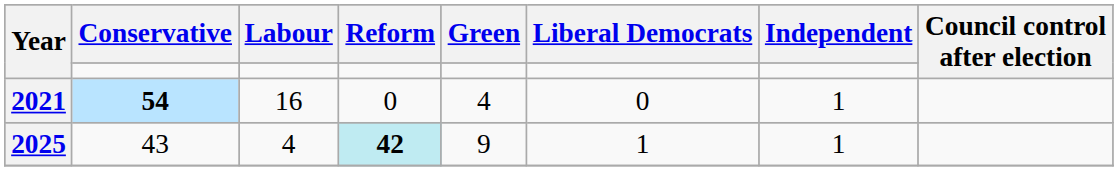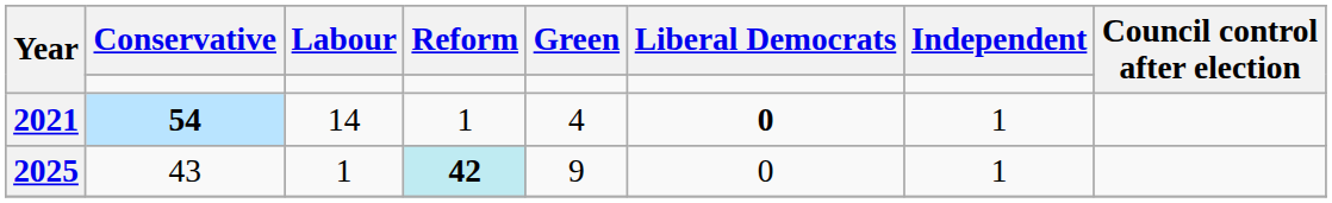 <table class="wikitable plainrowheaders" style="text-align:center">
 <tr>
 <th scope="col" rowspan="2">Year</th>
 <th scope="col"><a href='#'>Conservative</a></th>
 <th scope="col"><a href='#'>Labour</a></th>
 <th scope="col"><a href='#'>Reform</a></th>
 <th scope="col"><a href='#'>Green</a></th>
 <th scope="col"><a href='#'>Liberal Democrats</a></th>
 <th scope="col"><a href='#'>Independent</a></th>
 <th scope="col" rowspan="2" colspan="2">Council control<br>after election</th>
 </tr>
 <tr>
 <td style="background:"></td>
 <td style="background:"></td>
 <td style="background:"></td>
 <td style="background:"></td>
 <td style="background:"></td>
 <td style="background:"></td>
 </tr>
 <tr>
 <th scope="row"><a href='#'>2021</a></th>
 <td style="background:#B9E4FF;"><strong>54</strong></td>
-<td>16</td>
-<td>0</td>
+<td>14</td>
+<td>1</td>
 <td>4</td>
-<td>0</td>
+<td><strong>0</strong></td>
 <td>1</td>
 <td></td>
 </tr>
 <tr>
 <th scope="row"><a href='#'>2025</a></th>
 <td>43</td>
-<td>4</td>
+<td>1</td>
 <td style="background:#BFEBF2;"><strong>42</strong></td>
 <td>9</td>
-<td>1</td>
+<td>0</td>
 <td>1</td>
 <td></td>
 </tr>
 <tr>
 </tr>
 </table>
